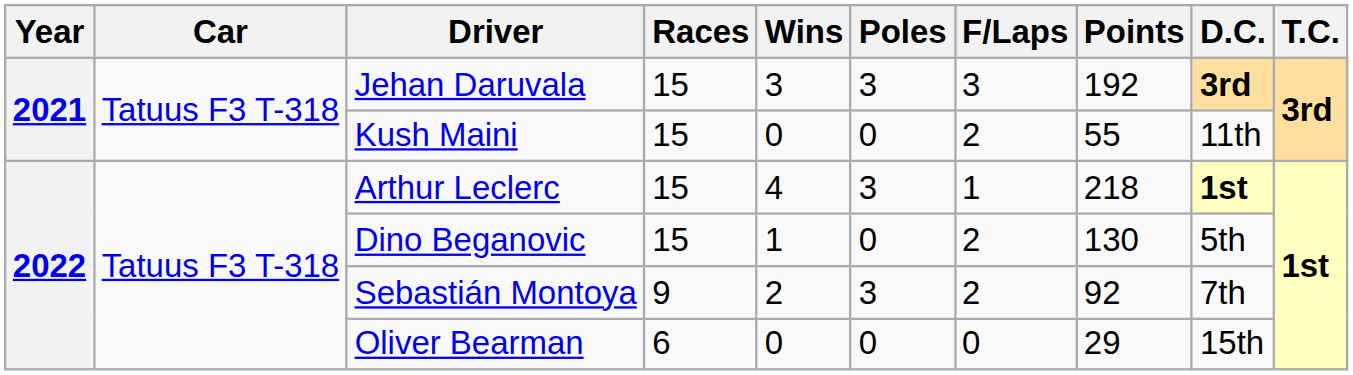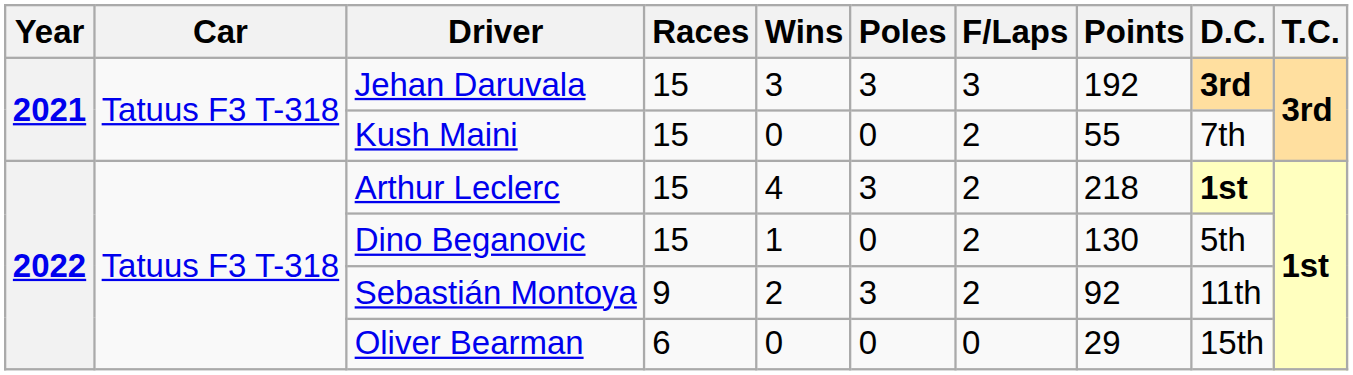 <table class="wikitable" style="font-size: 90%;">
 <tr>
 <th>Year</th>
 <th>Car</th>
 <th>Driver</th>
 <th>Races</th>
 <th>Wins</th>
 <th>Poles</th>
 <th>F/Laps</th>
 <th>Points</th>
 <th>D.C.</th>
 <th>T.C.</th>
 </tr>
 <tr>
 <th rowspan="2"><a href='#'>2021</a></th>
 <td rowspan="2"><a href='#'>Tatuus F3 T-318</a></td>
 <td> <a href='#'>Jehan Daruvala</a></td>
 <td>15</td>
 <td>3</td>
 <td>3</td>
 <td>3</td>
 <td>192</td>
 <td style="background:#FFDF9F;"><strong>3rd</strong></td>
 <td rowspan="2" style="background:#FFDF9F;"><strong>3rd</strong></td>
 </tr>
 <tr>
 <td> <a href='#'>Kush Maini</a></td>
 <td>15</td>
 <td>0</td>
 <td>0</td>
 <td>2</td>
 <td>55</td>
-<td>11th</td>
+<td>7th</td>
 </tr>
 <tr>
 <th rowspan="4"><a href='#'>2022</a></th>
 <td rowspan="4"><a href='#'>Tatuus F3 T-318</a></td>
 <td> <a href='#'>Arthur Leclerc</a></td>
 <td>15</td>
 <td>4</td>
 <td>3</td>
-<td>1</td>
+<td>2</td>
 <td>218</td>
 <td style="background:#FFFFBF;"><strong>1st</strong></td>
 <td rowspan="4" style="background:#FFFFBF;"><strong>1st</strong></td>
 </tr>
 <tr>
 <td> <a href='#'>Dino Beganovic</a></td>
 <td>15</td>
 <td>1</td>
 <td>0</td>
 <td>2</td>
 <td>130</td>
 <td>5th</td>
 </tr>
 <tr>
 <td> <a href='#'>Sebastián Montoya</a></td>
 <td>9</td>
 <td>2</td>
 <td>3</td>
 <td>2</td>
 <td>92</td>
-<td>7th</td>
+<td>11th</td>
 </tr>
 <tr>
 <td> <a href='#'>Oliver Bearman</a></td>
 <td>6</td>
 <td>0</td>
 <td>0</td>
 <td>0</td>
 <td>29</td>
 <td>15th</td>
 </tr>
 </table>
